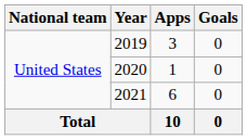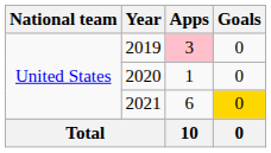 <table class="wikitable" style="text-align:center">
 <tr>
 <th>National team</th>
 <th>Year</th>
 <th>Apps</th>
 <th>Goals</th>
 </tr>
 <tr>
 <td rowspan="3"><a href='#'>United States</a></td>
 <td>2019</td>
-<td>3</td>
+<td style="background: pink;">3</td>
 <td>0</td>
 </tr>
 <tr>
 <td>2020</td>
 <td>1</td>
 <td>0</td>
 </tr>
 <tr>
 <td>2021</td>
 <td>6</td>
-<td>0</td>
+<td style="background: gold;">0</td>
 </tr>
 <tr>
 <th colspan="2">Total</th>
 <th>10</th>
 <th>0</th>
 </tr>
 </table>
